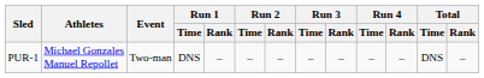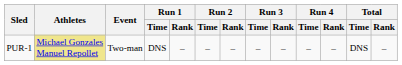 <table class="wikitable" border="1" style="font-size:90%">
 <tr>
 <th rowspan="2">Sled</th>
 <th rowspan="2">Athletes</th>
 <th rowspan="2">Event</th>
 <th colspan="2">Run 1</th>
 <th colspan="2">Run 2</th>
 <th colspan="2">Run 3</th>
 <th colspan="2">Run 4</th>
 <th colspan="2">Total</th>
 </tr>
 <tr>
 <th>Time</th>
 <th>Rank</th>
 <th>Time</th>
 <th>Rank</th>
 <th>Time</th>
 <th>Rank</th>
 <th>Time</th>
 <th>Rank</th>
 <th>Time</th>
 <th>Rank</th>
 </tr>
 <tr>
 <td align="center">PUR-1</td>
-<td><a href='#'>Michael Gonzales</a><br><a href='#'>Manuel Repollet</a></td>
+<td style="background: khaki;"><a href='#'>Michael Gonzales</a><br><a href='#'>Manuel Repollet</a></td>
 <td>Two-man</td>
 <td align="center">DNS</td>
 <td align="center">–</td>
 <td align="center">–</td>
 <td align="center">–</td>
 <td align="center">–</td>
 <td align="center">–</td>
 <td align="center">–</td>
 <td align="center">–</td>
 <td align="center">DNS</td>
 <td align="center">–</td>
 </tr>
 </table>
